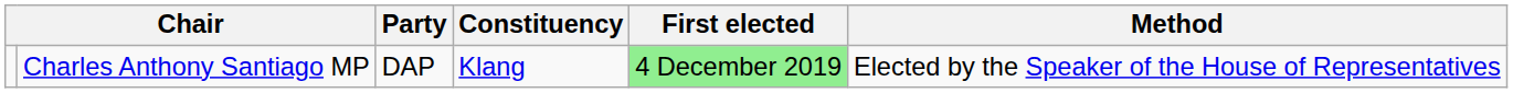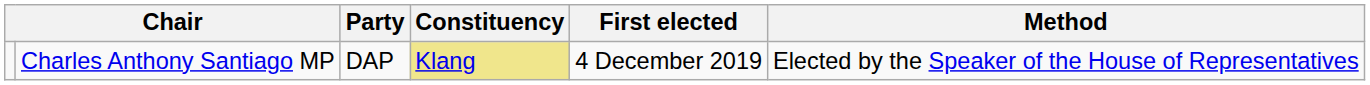 <table class="wikitable">
 <tr>
 <th colspan="2">Chair</th>
 <th>Party</th>
 <th>Constituency</th>
 <th>First elected</th>
 <th>Method</th>
 </tr>
 <tr>
 <td style="background-color: "></td>
 <td><a href='#'>Charles Anthony Santiago</a> MP</td>
 <td>DAP</td>
-<td><a href='#'>Klang</a></td>
-<td style="background: lightgreen;">4 December 2019</td>
+<td style="background: khaki;"><a href='#'>Klang</a></td>
+<td>4 December 2019</td>
 <td>Elected by the <a href='#'>Speaker of the House of Representatives</a></td>
 </tr>
 </table>
